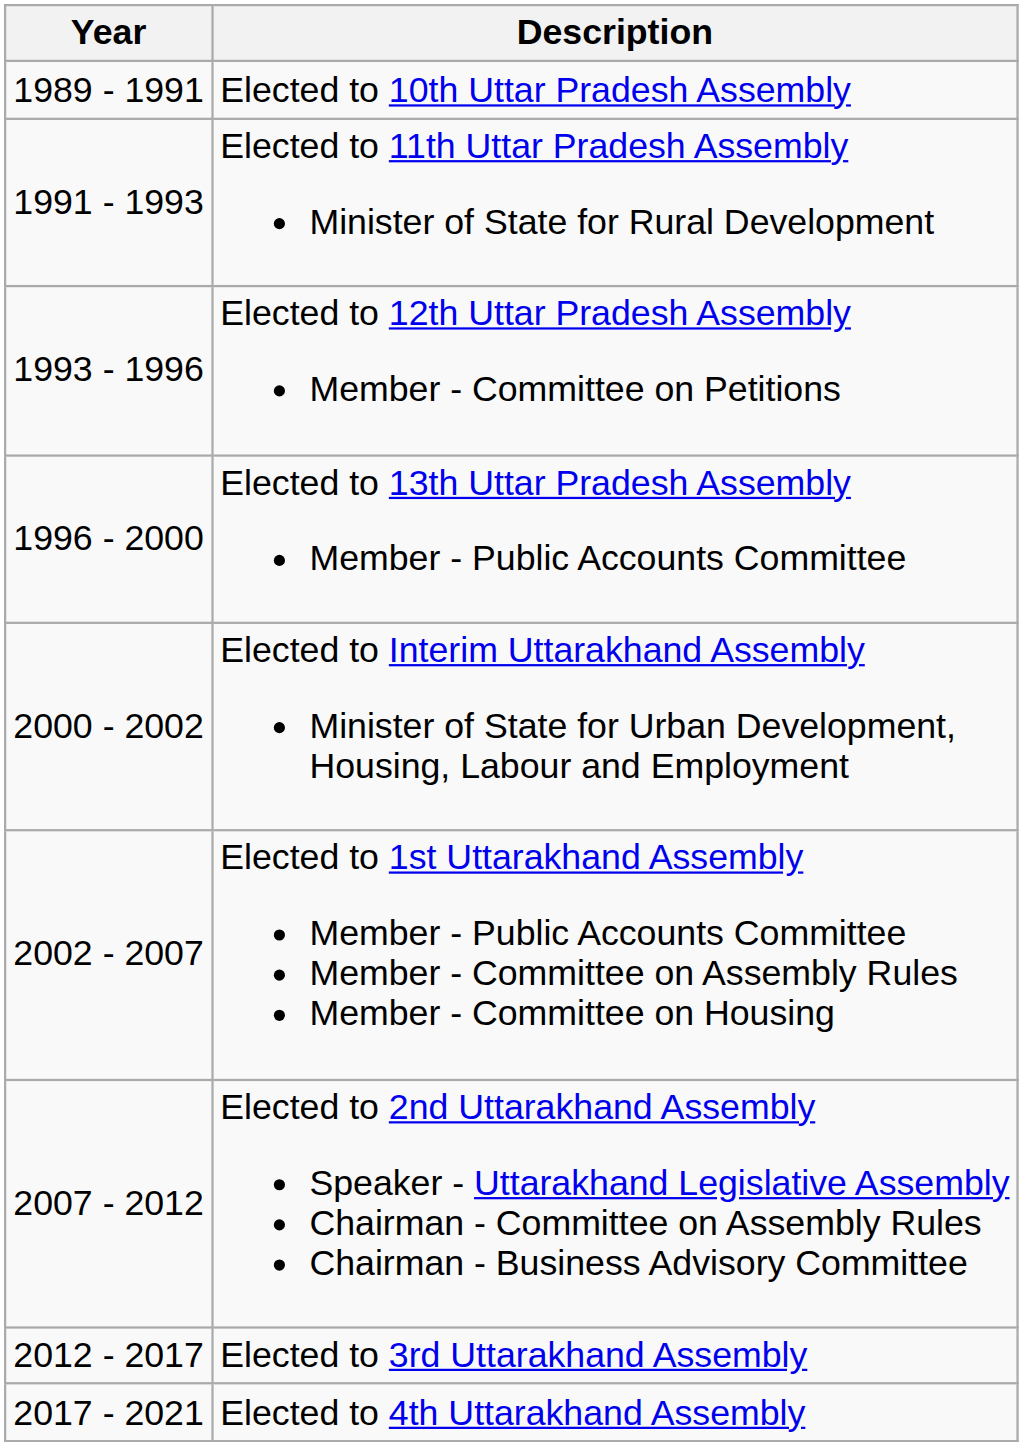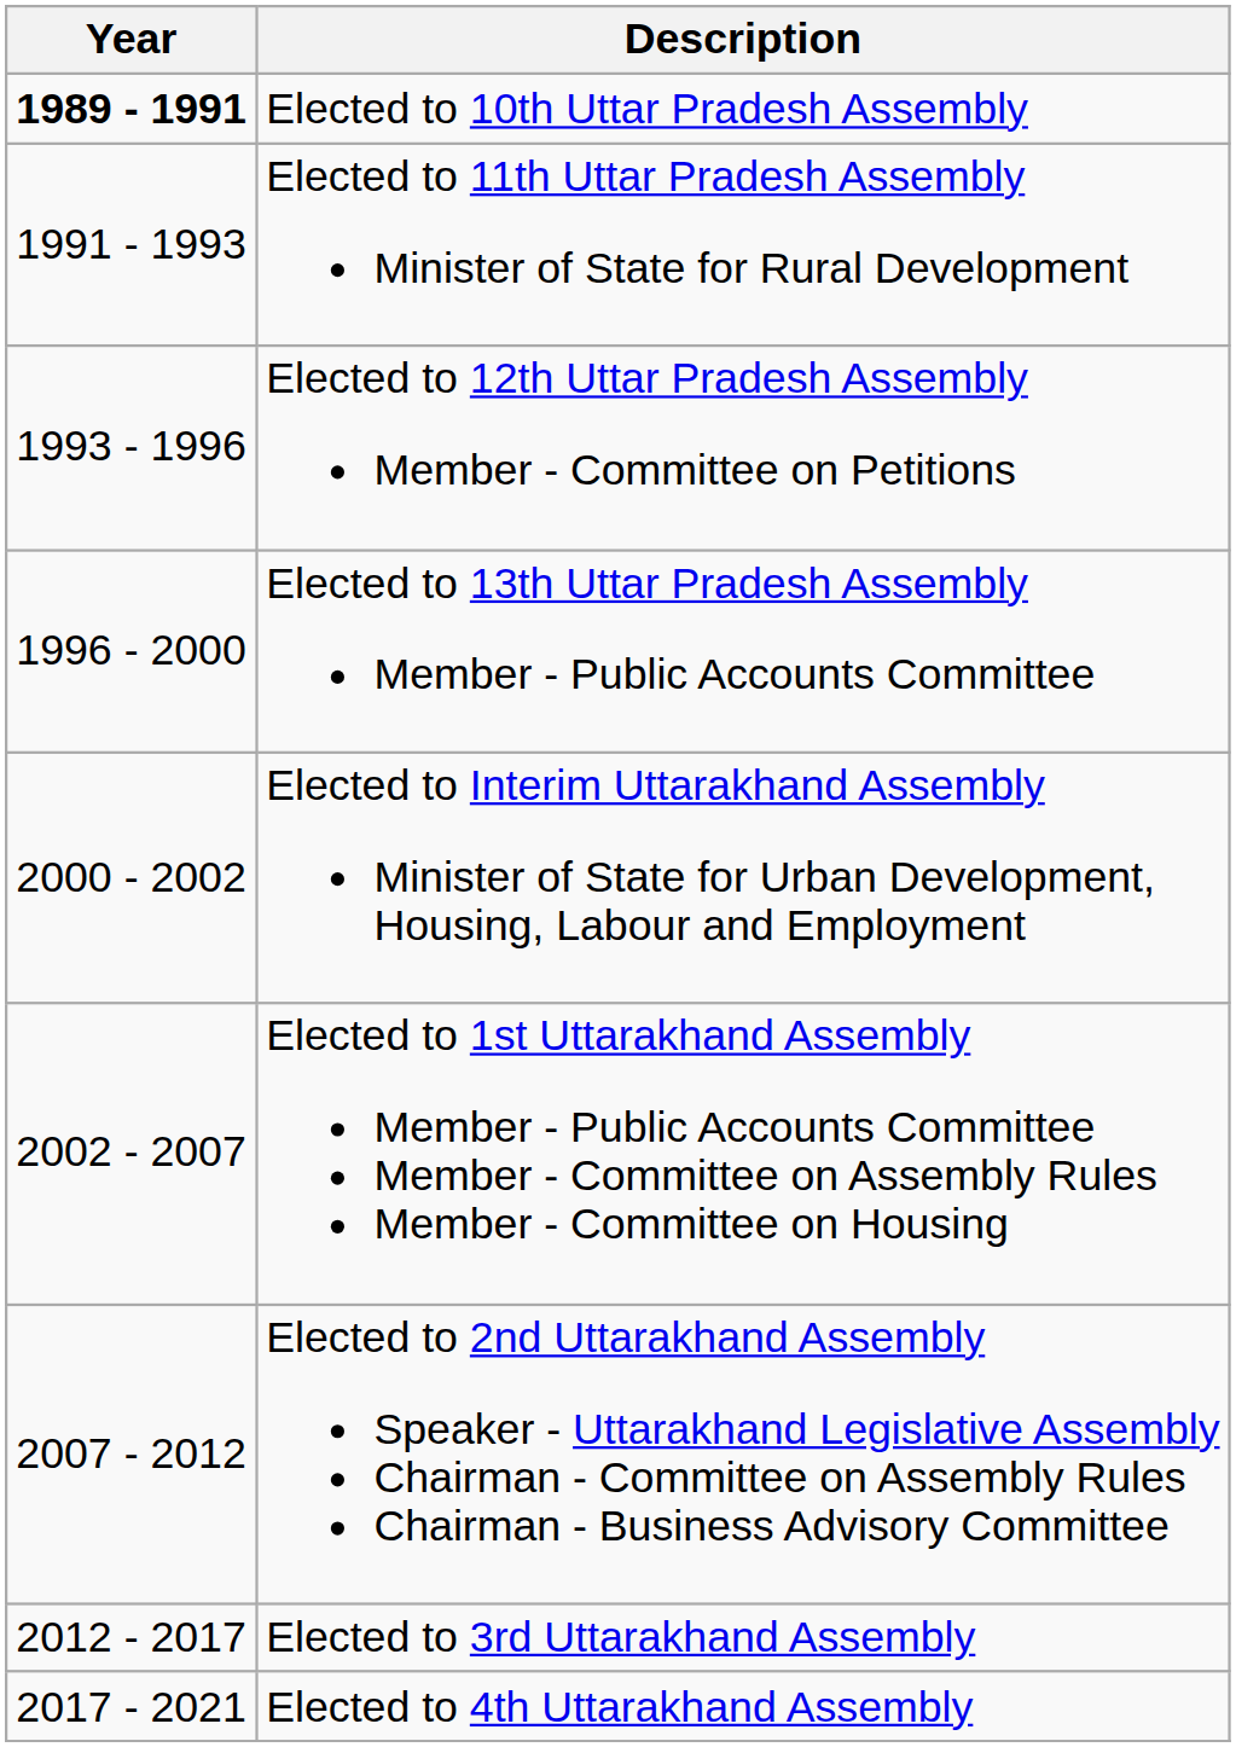 <table class="wikitable">
 <tr>
 <th>Year</th>
 <th>Description</th>
 </tr>
 <tr>
-<td>1989 - 1991</td>
+<td><strong>1989 - 1991</strong></td>
 <td>Elected to <a href='#'>10th Uttar Pradesh Assembly</a></td>
 </tr>
 <tr>
 <td>1991 - 1993</td>
 <td>Elected to <a href='#'>11th Uttar Pradesh Assembly</a><br><ul><li>Minister of State for Rural Development </li></ul></td>
 </tr>
 <tr>
 <td>1993 - 1996</td>
 <td>Elected to <a href='#'>12th Uttar Pradesh Assembly</a><br><ul><li>Member - Committee on Petitions </li></ul></td>
 </tr>
 <tr>
 <td>1996 - 2000</td>
 <td>Elected to <a href='#'>13th Uttar Pradesh Assembly</a><br><ul><li>Member - Public Accounts Committee </li></ul></td>
 </tr>
 <tr>
 <td>2000 - 2002</td>
 <td>Elected to <a href='#'>Interim Uttarakhand Assembly</a><br><ul><li>Minister of State for Urban Development, <br> Housing, Labour and Employment </li></ul></td>
 </tr>
 <tr>
 <td>2002 - 2007</td>
 <td>Elected to <a href='#'>1st Uttarakhand Assembly</a><br><ul><li>Member - Public Accounts Committee </li><li>Member - Committee on Assembly Rules </li><li>Member - Committee on Housing </li></ul></td>
 </tr>
 <tr>
 <td>2007 - 2012</td>
 <td>Elected to <a href='#'>2nd Uttarakhand Assembly</a><br><ul><li>Speaker - <a href='#'>Uttarakhand Legislative Assembly</a> </li><li>Chairman - Committee on Assembly Rules </li><li>Chairman - Business Advisory Committee </li></ul></td>
 </tr>
 <tr>
 <td>2012 - 2017</td>
 <td>Elected to <a href='#'>3rd Uttarakhand Assembly</a></td>
 </tr>
 <tr>
 <td>2017 - 2021</td>
 <td>Elected to <a href='#'>4th Uttarakhand Assembly</a></td>
 </tr>
 <tr>
 </tr>
 </table>
